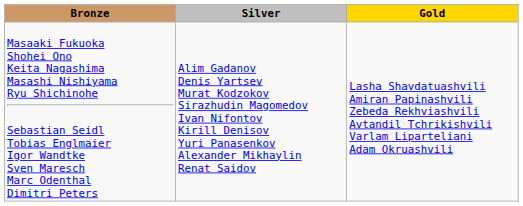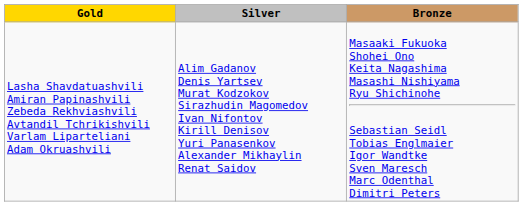 <table class="wikitable" style="text-align:left">
 <tr align="center">
+<td width=200 bgcolor=gold><strong>Gold</strong></td>
+<td width=200 bgcolor=silver><strong>Silver</strong></td>
 <td width=200 bgcolor=CC9966><strong>Bronze</strong></td>
-<td width=200 bgcolor=silver><strong>Silver</strong></td>
-<td width=200 bgcolor=gold><strong>Gold</strong></td>
 </tr>
 <tr>
+<td><br><a href='#'>Lasha Shavdatuashvili</a><br><a href='#'>Amiran Papinashvili</a><br><a href='#'>Zebeda Rekhviashvili</a><br><a href='#'>Avtandil Tchrikishvili</a><br><a href='#'>Varlam Liparteliani</a><br><a href='#'>Adam Okruashvili</a></td>
+<td><br><a href='#'>Alim Gadanov</a><br><a href='#'>Denis Yartsev</a><br><a href='#'>Murat Kodzokov</a><br><a href='#'>Sirazhudin Magomedov</a><br><a href='#'>Ivan Nifontov</a><br><a href='#'>Kirill Denisov</a><br><a href='#'>Yuri Panasenkov</a><br><a href='#'>Alexander Mikhaylin</a><br><a href='#'>Renat Saidov</a></td>
 <td><br><a href='#'>Masaaki Fukuoka</a><br><a href='#'>Shohei Ono</a><br><a href='#'>Keita Nagashima</a><br><a href='#'>Masashi Nishiyama</a><br><a href='#'>Ryu Shichinohe</a><hr><br><a href='#'>Sebastian Seidl</a><br><a href='#'>Tobias Englmaier</a><br><a href='#'>Igor Wandtke</a><br><a href='#'>Sven Maresch</a><br><a href='#'>Marc Odenthal</a><br><a href='#'>Dimitri Peters</a></td>
-<td><br><a href='#'>Alim Gadanov</a><br><a href='#'>Denis Yartsev</a><br><a href='#'>Murat Kodzokov</a><br><a href='#'>Sirazhudin Magomedov</a><br><a href='#'>Ivan Nifontov</a><br><a href='#'>Kirill Denisov</a><br><a href='#'>Yuri Panasenkov</a><br><a href='#'>Alexander Mikhaylin</a><br><a href='#'>Renat Saidov</a></td>
-<td><br><a href='#'>Lasha Shavdatuashvili</a><br><a href='#'>Amiran Papinashvili</a><br><a href='#'>Zebeda Rekhviashvili</a><br><a href='#'>Avtandil Tchrikishvili</a><br><a href='#'>Varlam Liparteliani</a><br><a href='#'>Adam Okruashvili</a></td>
 </tr>
 </table>
